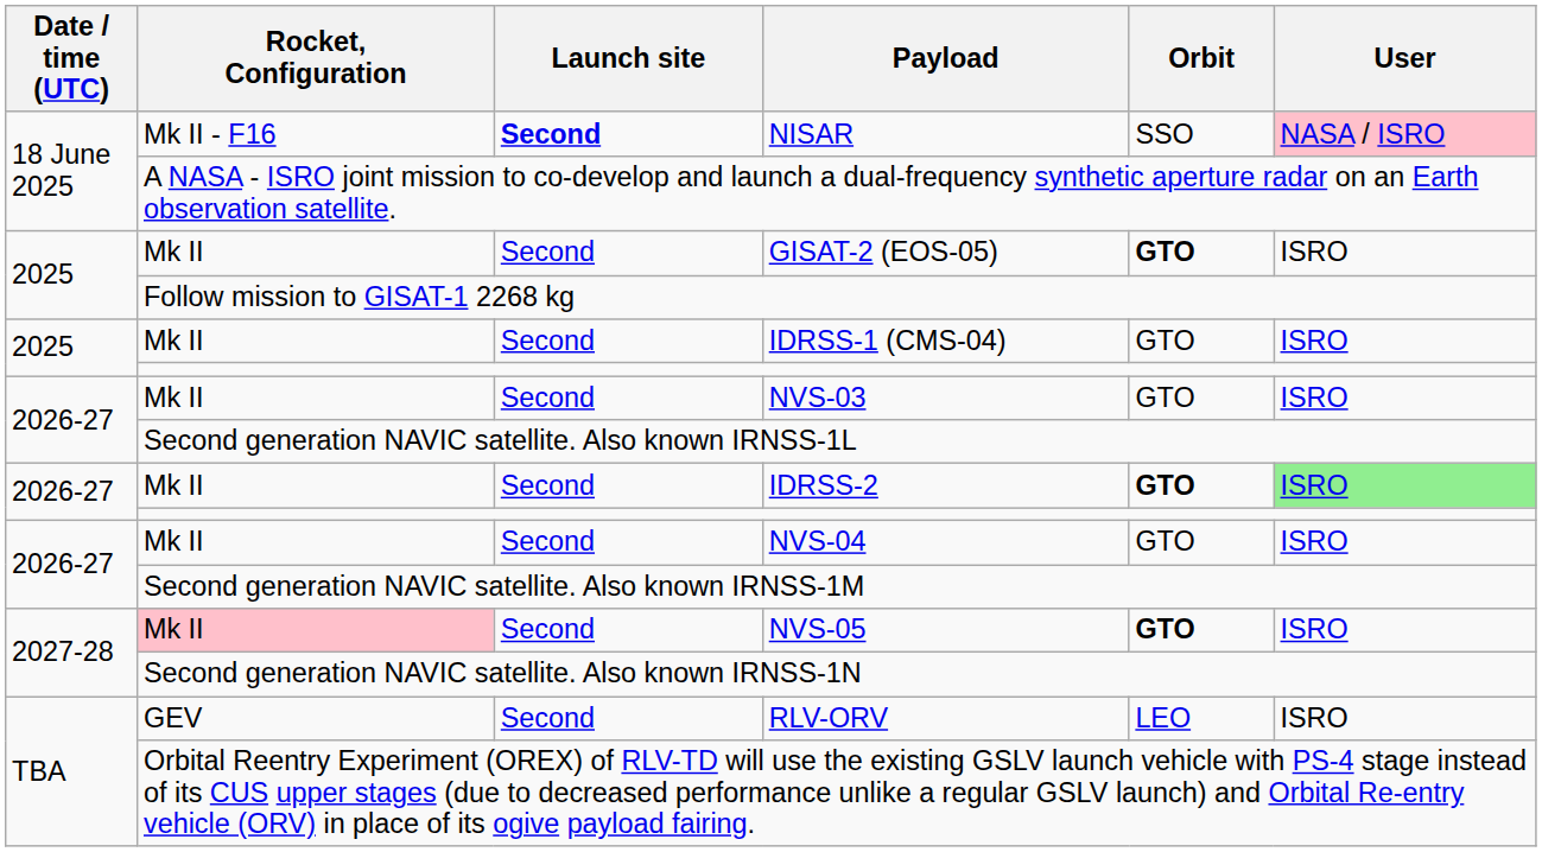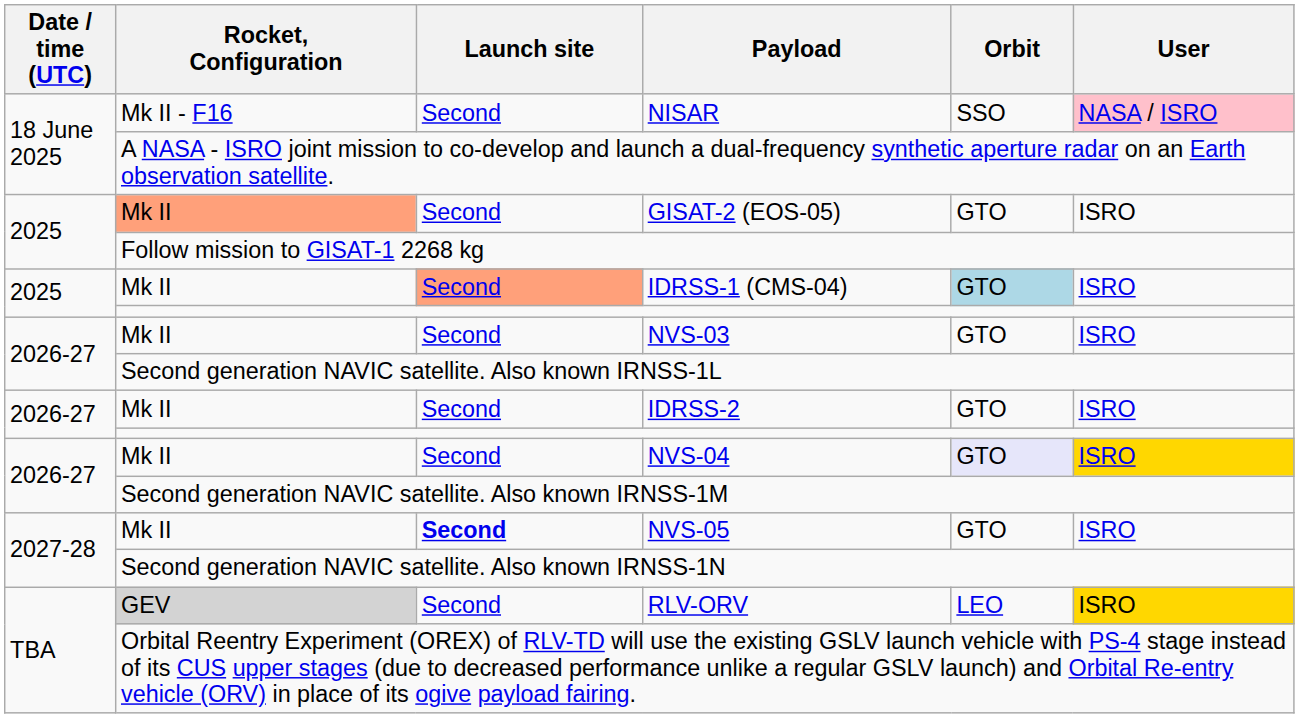 <table class="wikitable plainrowheaders" style="width: 100%;">
 <tr>
 <th scope="col">Date / time (<a href='#'>UTC</a>)</th>
 <th scope="col">Rocket,<br>Configuration</th>
 <th scope="col">Launch site</th>
 <th scope="col">Payload</th>
 <th scope="col">Orbit</th>
 <th scope="col">User</th>
 </tr>
 <tr>
 <td rowspan="2">18 June 2025</td>
 <td>Mk II - <a href='#'>F16</a></td>
-<td><strong><a href='#'>Second</a></strong></td>
+<td><a href='#'>Second</a></td>
 <td>  <a href='#'>NISAR</a></td>
 <td>SSO</td>
 <td style="background: pink;"><a href='#'>NASA</a> / <a href='#'>ISRO</a></td>
 </tr>
 <tr>
 <td colspan="5">A <a href='#'>NASA</a> - <a href='#'>ISRO</a> joint mission to co-develop and launch a dual-frequency <a href='#'>synthetic aperture radar</a> on an <a href='#'>Earth observation satellite</a>.</td>
 </tr>
 <tr>
 <td rowspan=2>2025</td>
-<td>Mk II</td>
+<td style="background: lightsalmon;">Mk II</td>
 <td><a href='#'>Second</a></td>
 <td> <a href='#'>GISAT-2</a> (EOS-05)</td>
-<td><strong>GTO</strong></td>
+<td>GTO</td>
 <td>ISRO</td>
 </tr>
 <tr>
 <td colspan=5>Follow mission to <a href='#'>GISAT-1</a> 2268 kg</td>
 </tr>
 <tr>
 <td rowspan=2>2025</td>
 <td>Mk II</td>
-<td><a href='#'>Second</a></td>
+<td style="background: lightsalmon;"><a href='#'>Second</a></td>
 <td> <a href='#'>IDRSS-1</a> (CMS-04)</td>
-<td>GTO</td>
+<td style="background: lightblue;">GTO</td>
 <td><a href='#'>ISRO</a></td>
 </tr>
 <tr>
 <td colspan=5></td>
 </tr>
 <tr>
 <td rowspan=2>2026-27</td>
 <td>Mk II</td>
 <td><a href='#'>Second</a></td>
 <td> <a href='#'>NVS-03</a></td>
 <td>GTO</td>
 <td><a href='#'>ISRO</a></td>
 </tr>
 <tr>
 <td colspan="5">Second generation NAVIC satellite. Also known IRNSS-1L</td>
 </tr>
 <tr>
 <td rowspan=2>2026-27</td>
 <td>Mk II</td>
 <td><a href='#'>Second</a></td>
 <td> <a href='#'>IDRSS-2</a></td>
-<td><strong>GTO</strong></td>
-<td style="background: lightgreen;"><a href='#'>ISRO</a></td>
+<td>GTO</td>
+<td><a href='#'>ISRO</a></td>
 </tr>
 <tr>
 <td colspan=5></td>
 </tr>
 <tr>
 <td rowspan=2>2026-27</td>
 <td>Mk II</td>
 <td><a href='#'>Second</a></td>
 <td> <a href='#'>NVS-04</a></td>
-<td>GTO</td>
-<td><a href='#'>ISRO</a></td>
+<td style="background: lavender;">GTO</td>
+<td style="background: gold;"><a href='#'>ISRO</a></td>
 </tr>
 <tr>
 <td colspan="5">Second generation NAVIC satellite. Also known IRNSS-1M</td>
 </tr>
 <tr>
 <td rowspan=2>2027-28</td>
-<td style="background: pink;">Mk II</td>
-<td><a href='#'>Second</a></td>
+<td>Mk II</td>
+<td><strong><a href='#'>Second</a></strong></td>
 <td> <a href='#'>NVS-05</a></td>
-<td><strong>GTO</strong></td>
+<td>GTO</td>
 <td><a href='#'>ISRO</a></td>
 </tr>
 <tr>
 <td colspan="5">Second generation NAVIC satellite. Also known IRNSS-1N</td>
 </tr>
 <tr>
 <td rowspan=2>TBA </td>
-<td>GEV</td>
+<td style="background: lightgrey;">GEV</td>
 <td><a href='#'>Second</a></td>
 <td> <a href='#'>RLV-ORV</a></td>
 <td><a href='#'>LEO</a></td>
-<td>ISRO</td>
+<td style="background: gold;">ISRO</td>
 </tr>
 <tr>
 <td colspan=5>Orbital Reentry Experiment (OREX) of <a href='#'>RLV-TD</a> will use the existing GSLV launch vehicle with <a href='#'>PS-4</a> stage instead of its <a href='#'>CUS</a> <a href='#'>upper stages</a> (due to decreased performance unlike a regular GSLV launch) and <a href='#'>Orbital Re-entry vehicle (ORV)</a> in place of its <a href='#'>ogive</a> <a href='#'>payload fairing</a>.</td>
 </tr>
 </table>
